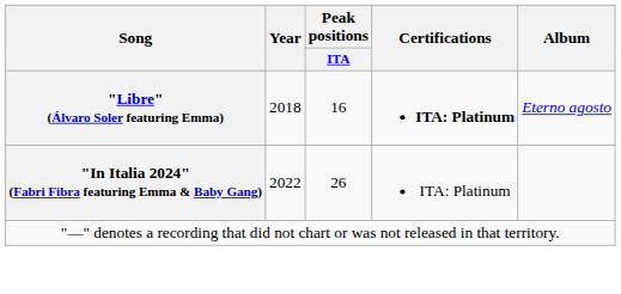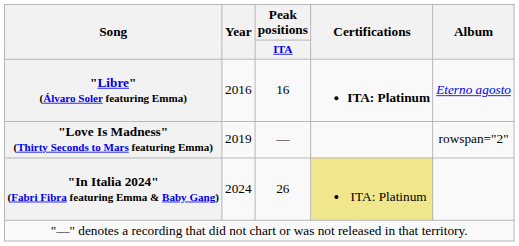 <table class="wikitable plainrowheaders" style="text-align:center">
 <tr>
 <th rowspan="2">Song</th>
 <th rowspan="2">Year</th>
 <th colspan="1">Peak positions</th>
 <th rowspan="2">Certifications</th>
 <th rowspan="2">Album</th>
 </tr>
 <tr>
 <th style="width:3em;font-size:85%"><a href='#'>ITA</a><br></th>
 </tr>
 <tr>
 <th scope="row">"<a href='#'>Libre</a>"<br><small>(<a href='#'>Álvaro Soler</a> featuring Emma)</small></th>
-<td>2018</td>
+<td>2016</td>
 <td>16</td>
 <td><strong><br><ul><li>ITA: Platinum</li></ul></strong></td>
 <td><em><a href='#'>Eterno agosto</a></em></td>
 </tr>
 <tr>
+<th scope="row">"Love Is Madness"<br><small>(<a href='#'>Thirty Seconds to Mars</a> featuring Emma)</small></th>
+<td>2019</td>
+<td>—</td>
+<td></td>
+<td>rowspan="2" </td>
+</tr>
+<tr>
 <th scope="row">"In Italia 2024"<br><small>(<a href='#'>Fabri Fibra</a> featuring Emma & <a href='#'>Baby Gang</a>)</small></th>
-<td>2022</td>
+<td>2024</td>
 <td>26</td>
-<td><br><ul><li>ITA: Platinum</li></ul></td>
+<td style="background: khaki;"><br><ul><li>ITA: Platinum</li></ul></td>
 </tr>
 <tr>
 <td colspan="5">"—" denotes a recording that did not chart or was not released in that territory.</td>
 </tr>
 </table>
